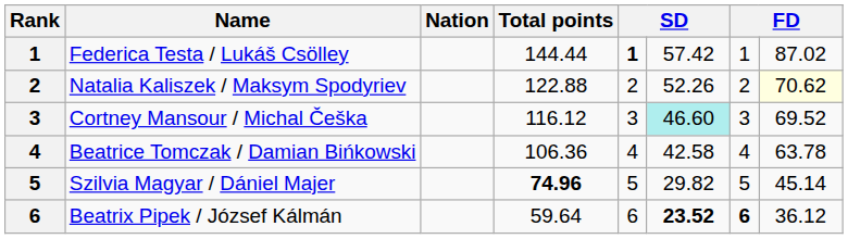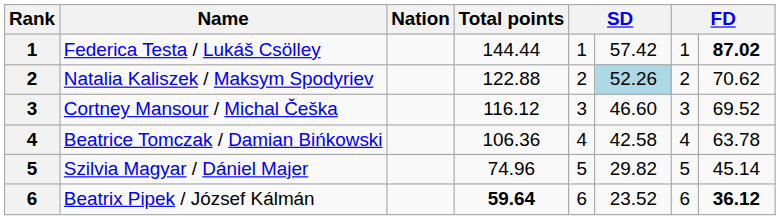 <table class="wikitable sortable">
 <tr>
 <th>Rank</th>
 <th>Name</th>
 <th>Nation</th>
 <th>Total points</th>
 <th colspan=2 width=80px><a href='#'>SD</a></th>
 <th colspan=2 width=80px><a href='#'>FD</a></th>
 </tr>
 <tr>
 <th>1</th>
 <td><a href='#'>Federica Testa</a> / <a href='#'>Lukáš Csölley</a></td>
 <td></td>
 <td align=center>144.44</td>
-<td align=center><strong>1</strong></td>
+<td align=center>1</td>
 <td align=center>57.42</td>
 <td align=center>1</td>
-<td align=center>87.02</td>
+<td align=center><strong>87.02</strong></td>
 </tr>
 <tr>
 <th>2</th>
 <td><a href='#'>Natalia Kaliszek</a> / <a href='#'>Maksym Spodyriev</a></td>
 <td></td>
 <td align=center>122.88</td>
 <td align=center>2</td>
-<td align=center>52.26</td>
+<td align=center style="background: lightblue;">52.26</td>
 <td align=center>2</td>
-<td align=center style="background: lightyellow;">70.62</td>
+<td align=center>70.62</td>
 </tr>
 <tr>
 <th>3</th>
 <td><a href='#'>Cortney Mansour</a> / <a href='#'>Michal Češka</a></td>
 <td></td>
 <td align=center>116.12</td>
 <td align=center>3</td>
-<td align=center style="background: paleturquoise;">46.60</td>
+<td align=center>46.60</td>
 <td align=center>3</td>
 <td align=center>69.52</td>
 </tr>
 <tr>
 <th>4</th>
 <td><a href='#'>Beatrice Tomczak</a> / <a href='#'>Damian Bińkowski</a></td>
 <td></td>
 <td align=center>106.36</td>
 <td align=center>4</td>
 <td align=center>42.58</td>
 <td align=center>4</td>
 <td align=center>63.78</td>
 </tr>
 <tr>
 <th>5</th>
 <td><a href='#'>Szilvia Magyar</a> / <a href='#'>Dániel Majer</a></td>
 <td></td>
-<td align=center><strong>74.96</strong></td>
+<td align=center>74.96</td>
 <td align=center>5</td>
 <td align=center>29.82</td>
 <td align=center>5</td>
 <td align=center>45.14</td>
 </tr>
 <tr>
 <th>6</th>
 <td><a href='#'>Beatrix Pipek</a> / József Kálmán</td>
 <td></td>
-<td align=center>59.64</td>
+<td align=center><strong>59.64</strong></td>
 <td align=center>6</td>
-<td align=center><strong>23.52</strong></td>
-<td align=center><strong>6</strong></td>
-<td align=center>36.12</td>
+<td align=center>23.52</td>
+<td align=center>6</td>
+<td align=center><strong>36.12</strong></td>
 </tr>
 </table>
